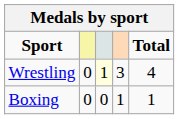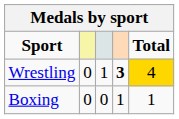 <table class="wikitable" style="font-size:100%;">
 <tr align=center style="background:#efefef;">
 <th colspan=7><strong>Medals by sport</strong></th>
 </tr>
 <tr align=center align=center>
 <td><strong>Sport</strong></td>
 <td style="background:#f7f6a8;"></td>
 <td style="background:#dce5e5;"></td>
 <td style="background:#ffdab9;"></td>
 <td><strong>Total</strong></td>
 </tr>
 <tr align=center align=center>
 <td align=left><a href='#'>Wrestling</a></td>
 <td>0</td>
-<td style="background: lightyellow;">1</td>
-<td>3</td>
-<td>4</td>
+<td>1</td>
+<td><strong>3</strong></td>
+<td style="background: gold;">4</td>
 </tr>
 <tr align=center align=center>
 <td align=left><a href='#'>Boxing</a></td>
 <td>0</td>
 <td>0</td>
 <td>1</td>
 <td>1</td>
 </tr>
 </table>
